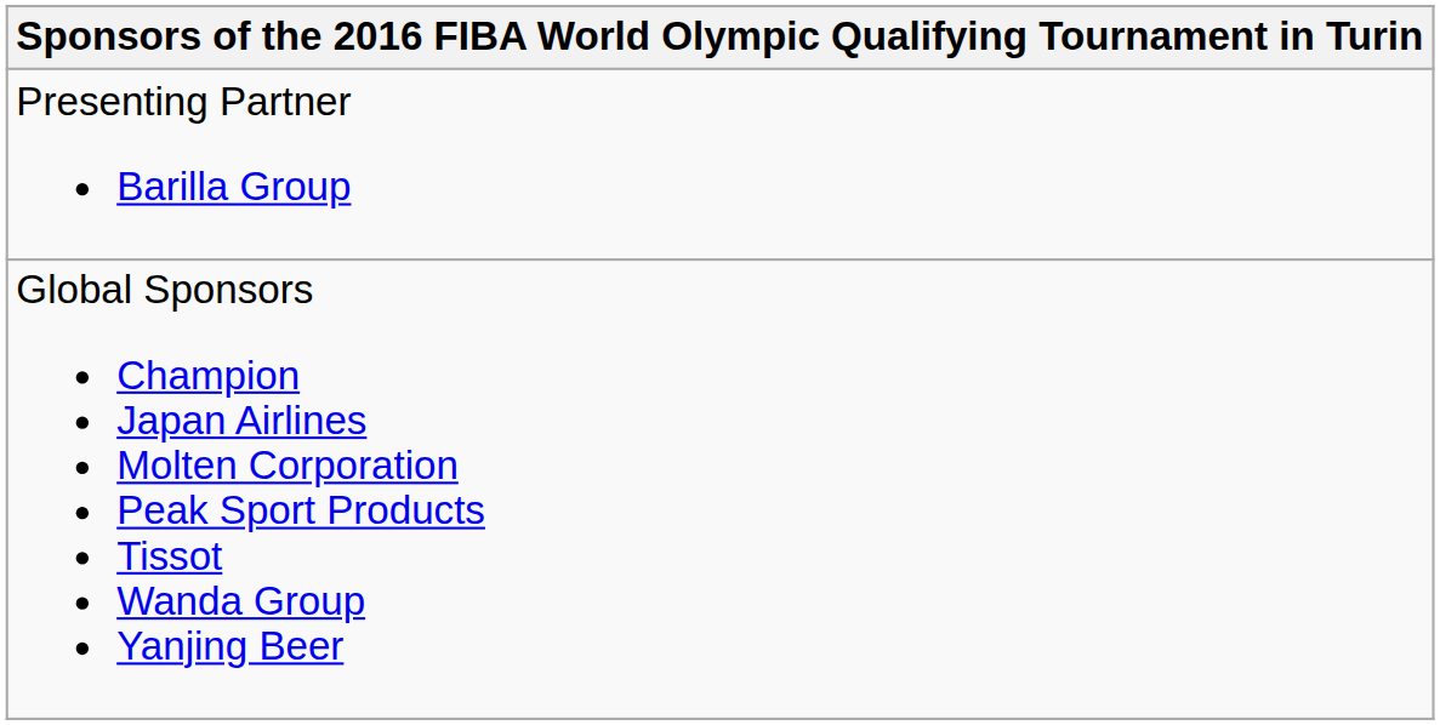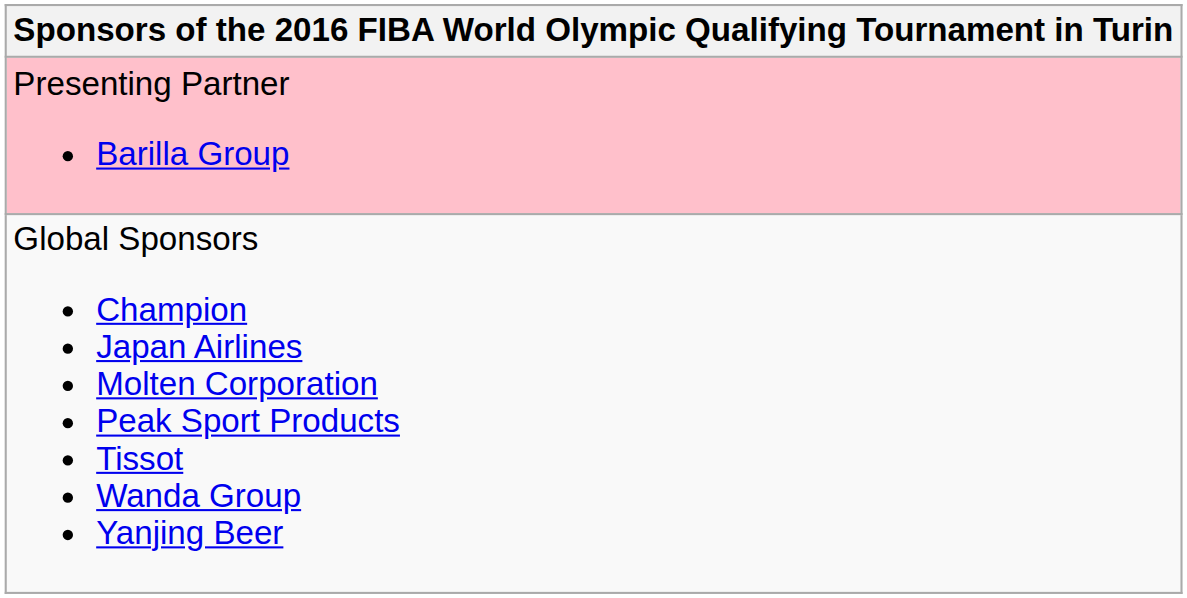 <table class="wikitable collapsible " style="float:center; margin:10px;">
 <tr>
 <th>Sponsors of the 2016 FIBA World Olympic Qualifying Tournament in Turin</th>
 </tr>
 <tr>
-<td>Presenting Partner<br><ul><li><a href='#'>Barilla Group</a></li></ul></td>
+<td style="background: pink;">Presenting Partner<br><ul><li><a href='#'>Barilla Group</a></li></ul></td>
 </tr>
 <tr>
 <td>Global Sponsors<br><ul><li><a href='#'>Champion</a></li><li><a href='#'>Japan Airlines</a></li><li><a href='#'>Molten Corporation</a></li><li><a href='#'>Peak Sport Products</a></li><li><a href='#'>Tissot</a></li><li><a href='#'>Wanda Group</a></li><li><a href='#'>Yanjing Beer</a></li></ul></td>
 </tr>
 </table>
